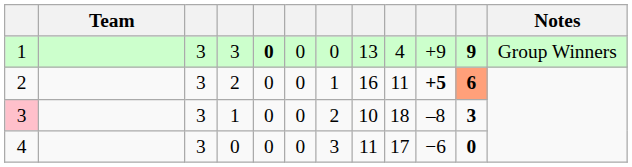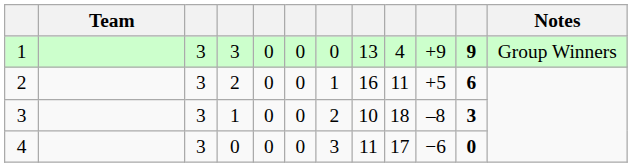 <table class="wikitable" style="text-align: center; font-size: 97%;">
 <tr>
 <th width="20"></th>
 <th width="110">Team</th>
 <th width="18"></th>
 <th width="22"></th>
 <th width="18"></th>
 <th width="18"></th>
 <th width="22"></th>
 <th width="18"></th>
 <th width="18"></th>
 <th width="25"></th>
 <th width="18"></th>
 <th width="105">Notes</th>
 </tr>
 <tr style="background-color: #ccffcc;">
 <td>1</td>
 <td align=left></td>
 <td>3</td>
 <td>3</td>
-<td><strong>0</strong></td>
+<td>0</td>
 <td>0</td>
 <td>0</td>
 <td>13</td>
 <td>4</td>
 <td>+9</td>
 <td><strong>9</strong></td>
 <td>Group Winners</td>
 </tr>
 <tr>
 <td>2</td>
 <td align=left></td>
 <td>3</td>
 <td>2</td>
 <td>0</td>
 <td>0</td>
 <td>1</td>
 <td>16</td>
 <td>11</td>
-<td><strong>+5</strong></td>
-<td style="background: lightsalmon;"><strong>6</strong></td>
+<td>+5</td>
+<td><strong>6</strong></td>
 <td rowspan="3"></td>
 </tr>
 <tr>
-<td style="background: pink;">3</td>
+<td>3</td>
 <td align=left></td>
 <td>3</td>
 <td>1</td>
 <td>0</td>
 <td>0</td>
 <td>2</td>
 <td>10</td>
 <td>18</td>
 <td>–8</td>
 <td><strong>3</strong></td>
 </tr>
 <tr>
 <td>4</td>
 <td align=left></td>
 <td>3</td>
 <td>0</td>
 <td>0</td>
 <td>0</td>
 <td>3</td>
 <td>11</td>
 <td>17</td>
 <td>−6</td>
 <td><strong>0</strong></td>
 </tr>
 </table>
